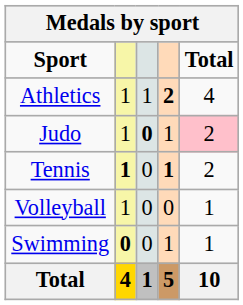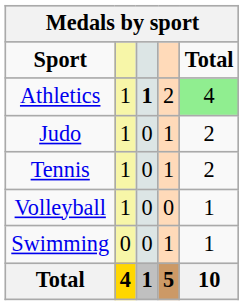 <table class="wikitable" style="font-size:85%; float:right;">
 <tr style="background:#efefef;">
 <th colspan=7><strong>Medals by sport</strong></th>
 </tr>
 <tr align=center>
 <td><strong>Sport</strong></td>
 <td style="background:#f7f6a8;"></td>
 <td style="background:#dce5e5;"></td>
 <td style="background:#ffdab9;"></td>
 <td><strong>Total</strong></td>
 </tr>
 <tr align=center>
 <td><a href='#'>Athletics</a></td>
 <td style="background:#f7f6a8;">1</td>
-<td style="background:#dce5e5;">1</td>
-<td style="background:#ffdab9;"><strong>2</strong></td>
-<td>4</td>
+<td style="background:#dce5e5;"><strong>1</strong></td>
+<td style="background:#ffdab9;">2</td>
+<td style="background: lightgreen;">4</td>
 </tr>
 <tr align=center>
 <td><a href='#'>Judo</a></td>
 <td style="background:#f7f6a8;">1</td>
-<td style="background:#dce5e5;"><strong>0</strong></td>
+<td style="background:#dce5e5;">0</td>
 <td style="background:#ffdab9;">1</td>
-<td style="background: pink;">2</td>
+<td>2</td>
 </tr>
 <tr align=center>
 <td><a href='#'>Tennis</a></td>
-<td style="background:#f7f6a8;"><strong>1</strong></td>
+<td style="background:#f7f6a8;">1</td>
 <td style="background:#dce5e5;">0</td>
-<td style="background:#ffdab9;"><strong>1</strong></td>
+<td style="background:#ffdab9;">1</td>
 <td>2</td>
 </tr>
 <tr align=center>
 <td><a href='#'>Volleyball</a></td>
 <td style="background:#f7f6a8;">1</td>
 <td style="background:#dce5e5;">0</td>
 <td style="background:#ffdab9;">0</td>
 <td>1</td>
 </tr>
 <tr align=center>
 <td><a href='#'>Swimming</a></td>
-<td style="background:#f7f6a8;"><strong>0</strong></td>
+<td style="background:#f7f6a8;">0</td>
 <td style="background:#dce5e5;">0</td>
 <td style="background:#ffdab9;">1</td>
 <td>1</td>
 </tr>
 <tr align=center>
 <th><strong>Total</strong></th>
 <th style="background:gold;"><strong>4</strong></th>
 <th style="background:silver;"><strong>1</strong></th>
 <th style="background:#c96;"><strong>5</strong></th>
 <th><strong>10</strong></th>
 </tr>
 </table>
